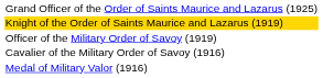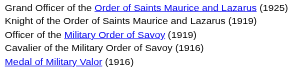 <table>
 <tr>
 <td> Grand Officer of the <a href='#'>Order of Saints Maurice and Lazarus</a> (1925)</td>
 </tr>
 <tr>
-<td style="background: gold;"> Knight of the Order of Saints Maurice and Lazarus (1919)</td>
+<td> Knight of the Order of Saints Maurice and Lazarus (1919)</td>
 </tr>
 <tr>
 <td> Officer of the <a href='#'>Military Order of Savoy</a> (1919)</td>
 </tr>
 <tr>
 <td> Cavalier of the Military Order of Savoy (1916)</td>
 </tr>
 <tr>
 <td> <a href='#'>Medal of Military Valor</a> (1916)</td>
 </tr>
 </table>
